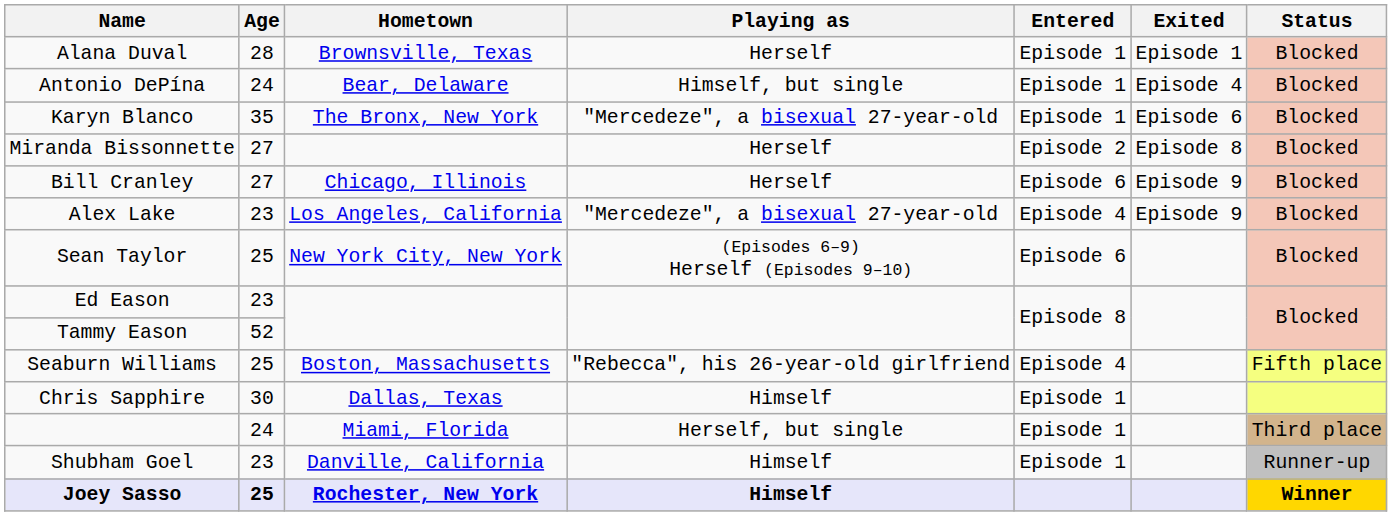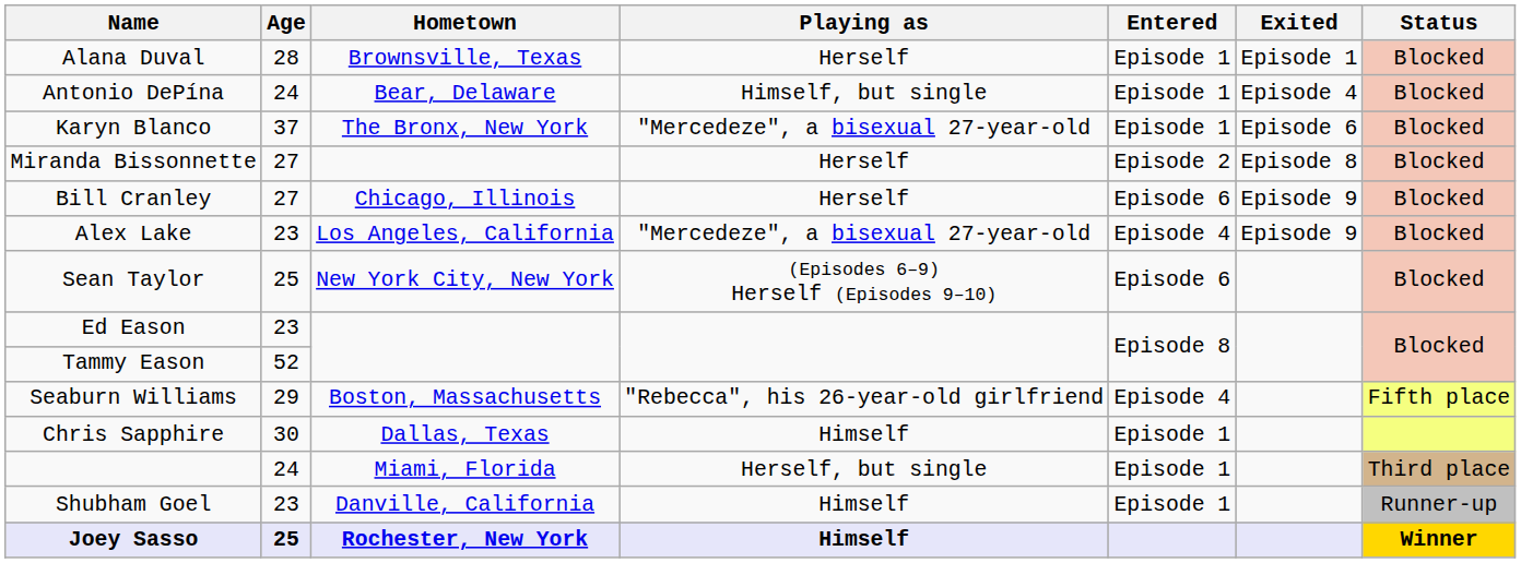 <table class="wikitable sortable" style="text-align:center;">
 <tr>
 <th>Name</th>
 <th>Age</th>
 <th>Hometown</th>
 <th>Playing as</th>
 <th>Entered</th>
 <th>Exited</th>
 <th>Status</th>
 </tr>
 <tr>
 <td>Alana Duval</td>
 <td>28</td>
 <td><a href='#'>Brownsville, Texas</a></td>
 <td>Herself</td>
 <td>Episode 1</td>
 <td>Episode 1</td>
 <td style="background:#f4c7b8;">Blocked</td>
 </tr>
 <tr>
 <td>Antonio DePína</td>
 <td>24</td>
 <td><a href='#'>Bear, Delaware</a></td>
 <td>Himself, but single</td>
 <td>Episode 1</td>
 <td>Episode 4</td>
 <td style="background:#f4c7b8;">Blocked</td>
 </tr>
 <tr>
 <td>Karyn Blanco</td>
-<td>35</td>
+<td>37</td>
 <td><a href='#'>The Bronx, New York</a></td>
 <td>"Mercedeze", a <a href='#'>bisexual</a> 27-year-old</td>
 <td>Episode 1</td>
 <td>Episode 6</td>
 <td style="background:#f4c7b8;">Blocked</td>
 </tr>
 <tr>
 <td>Miranda Bissonnette</td>
 <td>27</td>
 <td></td>
 <td>Herself</td>
 <td>Episode 2</td>
 <td>Episode 8</td>
 <td style="background:#f4c7b8;">Blocked</td>
 </tr>
 <tr>
 <td>Bill Cranley</td>
 <td>27</td>
 <td><a href='#'>Chicago, Illinois</a></td>
 <td>Herself</td>
 <td>Episode 6</td>
 <td>Episode 9</td>
 <td style="background:#f4c7b8;">Blocked</td>
 </tr>
 <tr>
 <td>Alex Lake</td>
 <td>23</td>
 <td><a href='#'>Los Angeles, California</a></td>
 <td>"Mercedeze", a <a href='#'>bisexual</a> 27-year-old</td>
 <td>Episode 4</td>
 <td>Episode 9</td>
 <td style="background:#f4c7b8;">Blocked</td>
 </tr>
 <tr>
 <td>Sean Taylor</td>
 <td>25</td>
 <td><a href='#'>New York City, New York</a></td>
 <td> <small>(Episodes 6–9)</small><br>Herself <small>(Episodes 9–10)</small></td>
 <td>Episode 6</td>
 <td></td>
 <td style="background:#f4c7b8;">Blocked</td>
 </tr>
 <tr>
 <td>Ed Eason</td>
 <td>23</td>
 <td rowspan=2></td>
 <td rowspan=2></td>
 <td rowspan=2>Episode 8</td>
 <td rowspan=2></td>
 <td rowspan=2 style="background:#f4c7b8;">Blocked</td>
 </tr>
 <tr>
 <td>Tammy Eason</td>
 <td>52</td>
 </tr>
 <tr>
 <td>Seaburn Williams</td>
-<td>25</td>
+<td>29</td>
 <td><a href='#'>Boston, Massachusetts</a></td>
 <td>"Rebecca", his 26-year-old girlfriend</td>
 <td>Episode 4</td>
 <td></td>
 <td style="background:#F5FF80;">Fifth place</td>
 </tr>
 <tr>
 <td>Chris Sapphire</td>
 <td>30</td>
 <td><a href='#'>Dallas, Texas</a></td>
 <td>Himself</td>
 <td>Episode 1</td>
 <td></td>
 <td style="background:#F5FF80;"></td>
 </tr>
 <tr>
 <td></td>
 <td>24</td>
 <td><a href='#'>Miami, Florida</a></td>
 <td>Herself, but single</td>
 <td>Episode 1</td>
 <td></td>
 <td style="background:tan;">Third place</td>
 </tr>
 <tr>
 <td>Shubham Goel</td>
 <td>23</td>
 <td><a href='#'>Danville, California</a></td>
 <td>Himself</td>
 <td>Episode 1</td>
 <td></td>
 <td style="background:silver;">Runner-up</td>
 </tr>
 <tr style="background:lavender;">
 <td><strong>Joey Sasso</strong></td>
 <td><strong>25</strong></td>
 <td><strong><a href='#'>Rochester, New York</a></strong></td>
 <td><strong>Himself</strong></td>
 <td><strong></strong></td>
 <td><strong></strong></td>
 <td bgcolor=FFD700><strong>Winner</strong></td>
 </tr>
 </table>
